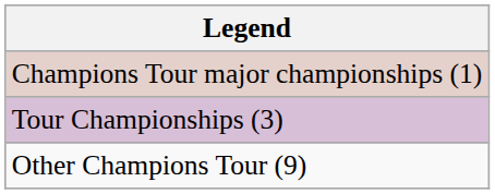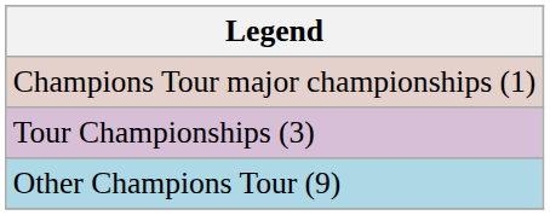 <table class="wikitable" style="font-size:95%;">
 <tr>
 <th>Legend</th>
 </tr>
 <tr style="background:#e5d1cb;">
 <td>Champions Tour major championships (1)</td>
 </tr>
 <tr style="background:thistle;">
 <td>Tour Championships (3)</td>
 </tr>
 <tr>
-<td>Other Champions Tour (9)</td>
+<td style="background: lightblue;">Other Champions Tour (9)</td>
 </tr>
 </table>
